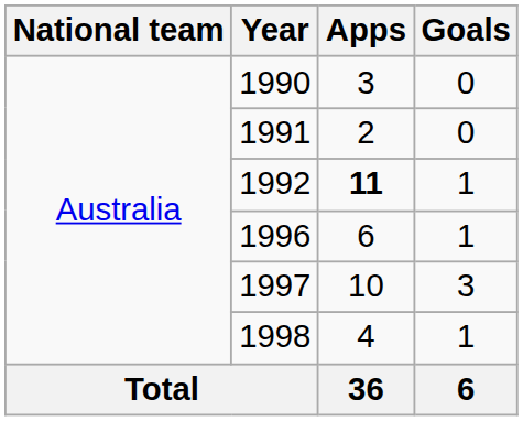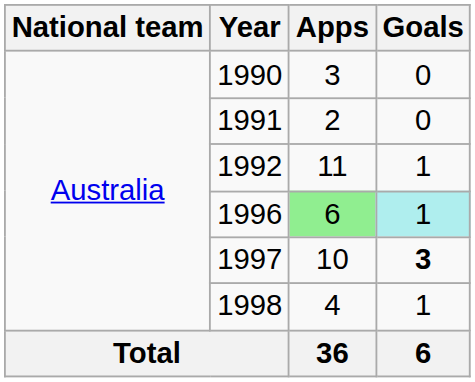 <table class="wikitable" style="text-align:center">
 <tr>
 <th>National team</th>
 <th>Year</th>
 <th>Apps</th>
 <th>Goals</th>
 </tr>
 <tr>
 <td rowspan="6"><a href='#'>Australia</a></td>
 <td>1990</td>
 <td>3</td>
 <td>0</td>
 </tr>
 <tr>
 <td>1991</td>
 <td>2</td>
 <td>0</td>
 </tr>
 <tr>
 <td>1992</td>
-<td><strong>11</strong></td>
+<td>11</td>
 <td>1</td>
 </tr>
 <tr>
 <td>1996</td>
-<td>6</td>
-<td>1</td>
+<td style="background: lightgreen;">6</td>
+<td style="background: paleturquoise;">1</td>
 </tr>
 <tr>
 <td>1997</td>
 <td>10</td>
-<td>3</td>
+<td><strong>3</strong></td>
 </tr>
 <tr>
 <td>1998</td>
 <td>4</td>
 <td>1</td>
 </tr>
 <tr>
 <th colspan="2">Total</th>
 <th>36</th>
 <th>6</th>
 </tr>
 </table>
